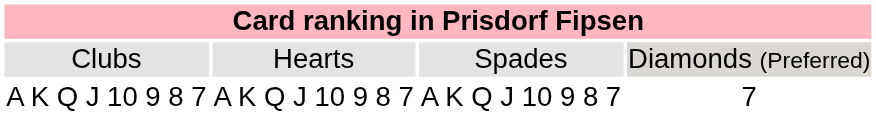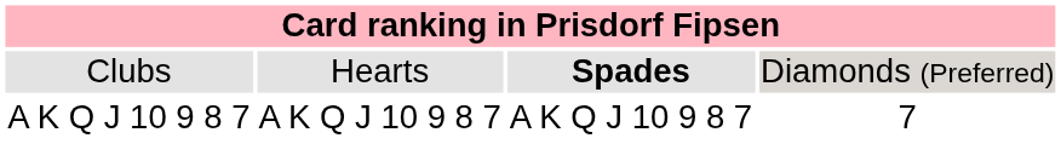 <table style="wikitable" style="float: middle; background: #c0c0c0; margin-left: 1em; border-spacing: 1px;">
 <tr align="center">
 <td style="background: #FFB6C1 ;" colspan="4"><strong>Card ranking in Prisdorf Fipsen</strong></td>
 </tr>
 <tr align="center">
 <td style="background: #e3e3e3;">Clubs</td>
 <td style="background: #e3e3e3;">Hearts</td>
-<td style="background: #e3e3e3;">Spades</td>
+<td style="background: #e3e3e3;"><strong>Spades</strong></td>
 <td style="background: #DBD7D2;">Diamonds <small>(Preferred)</small></td>
 </tr>
 <tr align="center">
 <td style="background: #ffffff;">A K  Q J 10 9 8 7</td>
 <td style="background: #ffffff;">A K Q J 10 9 8 7</td>
 <td style="background: #ffffff;">A K Q J 10 9 8 7</td>
 <td style="background: #ffffff;">7</td>
 </tr>
 </table>
